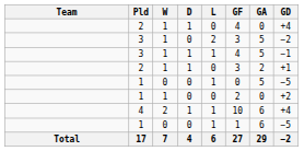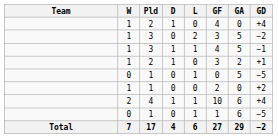 <table class="wikitable sortable" style="text-align: center;">
 <tr>
 <th width=180>Team</th>
+<th width=30>W</th>
 <th width=30>Pld</th>
-<th width=30>W</th>
 <th width=30>D</th>
 <th width=30>L</th>
 <th width=30>GF</th>
 <th width=30>GA</th>
 <th width=30>GD</th>
 </tr>
 <tr>
 <td align="left"></td>
+<td>1</td>
 <td>2</td>
-<td>1</td>
 <td>1</td>
 <td>0</td>
 <td>4</td>
 <td>0</td>
 <td>+4</td>
 </tr>
 <tr>
 <td align="left"></td>
+<td>1</td>
 <td>3</td>
-<td>1</td>
 <td>0</td>
 <td>2</td>
 <td>3</td>
 <td>5</td>
 <td>−2</td>
 </tr>
 <tr>
 <td align="left"></td>
+<td>1</td>
 <td>3</td>
-<td>1</td>
 <td>1</td>
 <td>1</td>
 <td>4</td>
 <td>5</td>
 <td>−1</td>
 </tr>
 <tr>
 <td align="left"></td>
+<td>1</td>
 <td>2</td>
-<td>1</td>
 <td>1</td>
 <td>0</td>
 <td>3</td>
 <td>2</td>
 <td>+1</td>
 </tr>
 <tr>
 <td align="left"></td>
+<td>0</td>
 <td>1</td>
-<td>0</td>
 <td>0</td>
 <td>1</td>
 <td>0</td>
 <td>5</td>
 <td>−5</td>
 </tr>
 <tr>
 <td align="left"></td>
 <td>1</td>
 <td>1</td>
 <td>0</td>
 <td>0</td>
 <td>2</td>
 <td>0</td>
 <td>+2</td>
 </tr>
 <tr>
 <td align="left"></td>
+<td>2</td>
 <td>4</td>
-<td>2</td>
 <td>1</td>
 <td>1</td>
 <td>10</td>
 <td>6</td>
 <td>+4</td>
 </tr>
 <tr>
 <td align="left"></td>
+<td>0</td>
 <td>1</td>
-<td>0</td>
 <td>0</td>
 <td>1</td>
 <td>1</td>
 <td>6</td>
 <td>−5</td>
 </tr>
 <tr>
 <th>Total</th>
+<th>7</th>
 <th>17</th>
-<th>7</th>
 <th>4</th>
 <th>6</th>
 <th>27</th>
 <th>29</th>
 <th>−2</th>
 </tr>
 </table>
